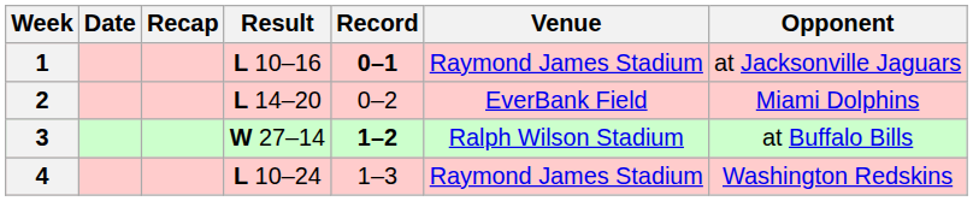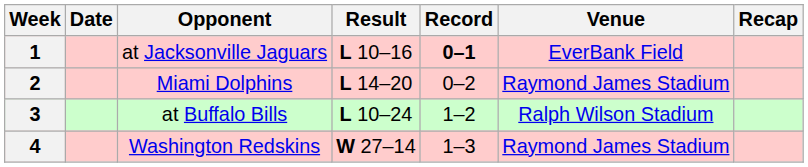 <table class="wikitable" style="text-align:center">
 <tr>
 <th>Week</th>
 <th>Date</th>
-<th>Recap</th>
+<th>Opponent</th>
 <th>Result</th>
 <th>Record</th>
 <th>Venue</th>
-<th>Opponent</th>
+<th>Recap</th>
 </tr>
 <tr style="background:#fcc; text-align:center;">
 <th>1</th>
 <td></td>
-<td></td>
+<td>at <a href='#'>Jacksonville Jaguars</a></td>
 <td><strong>L</strong> 10–16</td>
 <td><strong>0–1</strong></td>
-<td><a href='#'>Raymond James Stadium</a></td>
-<td>at <a href='#'>Jacksonville Jaguars</a></td>
+<td><a href='#'>EverBank Field</a></td>
+<td></td>
 </tr>
 <tr style="background:#fcc; text-align:center;">
 <th>2</th>
 <td></td>
-<td></td>
+<td><a href='#'>Miami Dolphins</a></td>
 <td><strong>L</strong> 14–20</td>
 <td>0–2</td>
-<td><a href='#'>EverBank Field</a></td>
-<td><a href='#'>Miami Dolphins</a></td>
+<td><a href='#'>Raymond James Stadium</a></td>
+<td></td>
 </tr>
 <tr style="background:#cfc; text-align:center;">
 <th>3</th>
 <td></td>
+<td>at <a href='#'>Buffalo Bills</a></td>
+<td><strong>L</strong> 10–24</td>
+<td>1–2</td>
+<td><a href='#'>Ralph Wilson Stadium</a></td>
 <td></td>
-<td><strong>W</strong> 27–14</td>
-<td><strong>1–2</strong></td>
-<td><a href='#'>Ralph Wilson Stadium</a></td>
-<td>at <a href='#'>Buffalo Bills</a></td>
 </tr>
 <tr style="background:#fcc; text-align:center;">
 <th>4</th>
 <td></td>
-<td></td>
-<td><strong>L</strong> 10–24</td>
+<td><a href='#'>Washington Redskins</a></td>
+<td><strong>W</strong> 27–14</td>
 <td>1–3</td>
 <td><a href='#'>Raymond James Stadium</a></td>
-<td><a href='#'>Washington Redskins</a></td>
+<td></td>
 </tr>
 </table>
